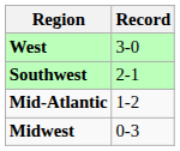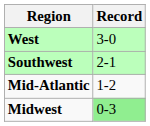 <table class="wikitable">
 <tr>
 <th>Region</th>
 <th>Record</th>
 </tr>
 <tr bgcolor=#bbffbb>
 <td><strong>West</strong></td>
 <td>3-0</td>
 </tr>
 <tr bgcolor=#bbffbb>
 <td><strong>Southwest</strong></td>
 <td>2-1</td>
 </tr>
 <tr>
 <td><strong>Mid-Atlantic</strong></td>
 <td>1-2</td>
 </tr>
 <tr>
 <td><strong>Midwest</strong></td>
-<td>0-3</td>
+<td style="background: lightgreen;">0-3</td>
 </tr>
 </table>
